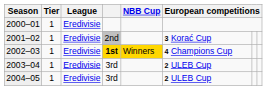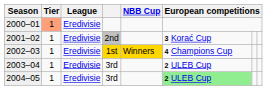 <table class="wikitable" style="font-size:85%">
 <tr bgcolor=>
 <th>Season</th>
 <th>Tier</th>
 <th>League</th>
 <th></th>
 <th><a href='#'>NBB Cup</a></th>
 <th colspan=3>European competitions</th>
 </tr>
 <tr>
 <td style="background:#efefef;">2000–01</td>
-<td align="center">1</td>
+<td align="center" style="background: lightsalmon;">1</td>
 <td><a href='#'>Eredivisie</a></td>
 <td style="background:" align="center"></td>
 <td></td>
 <td colspan=3></td>
 </tr>
 <tr>
 <td style="background:#efefef;">2001–02</td>
 <td align="center">1</td>
 <td><a href='#'>Eredivisie</a></td>
 <td style="background:silver" align="center">2nd</td>
 <td></td>
 <td><small><strong>3</strong></small> <a href='#'>Korać Cup</a></td>
 <td></td>
 <td></td>
 </tr>
 <tr>
 <td style="background:#efefef;">2002–03</td>
 <td align="center">1</td>
 <td><a href='#'>Eredivisie</a></td>
-<td style="background:gold" align="center"><strong>1st</strong></td>
+<td style="background:gold" align="center">1st</td>
 <td bgcolor=gold>Winners</td>
 <td><small><strong>4</strong></small> <a href='#'>Champions Cup</a></td>
 <td></td>
 <td></td>
 </tr>
 <tr>
 <td style="background:#efefef;">2003–04</td>
 <td align="center">1</td>
 <td><a href='#'>Eredivisie</a></td>
 <td align="center">3rd</td>
 <td></td>
 <td><small><strong>2</strong></small> <a href='#'>ULEB Cup</a></td>
 <td></td>
 <td></td>
 </tr>
 <tr>
 <td style="background:#efefef;">2004–05</td>
 <td align="center">1</td>
 <td><a href='#'>Eredivisie</a></td>
 <td align="center">3rd</td>
 <td></td>
-<td><small><strong>2</strong></small> <a href='#'>ULEB Cup</a></td>
+<td style="background: lightgreen;"><small><strong>2</strong></small> <a href='#'>ULEB Cup</a></td>
 <td></td>
 <td></td>
 </tr>
 </table>
